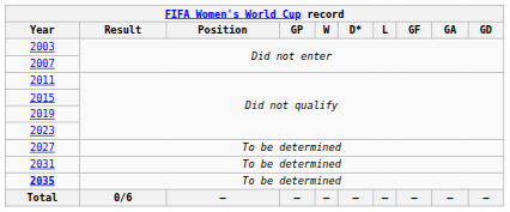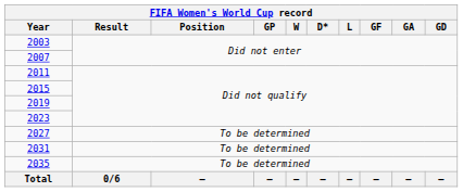 <table class="wikitable" style="text-align: center; width:50%;">
 <tr>
 <th colspan=12><a href='#'>FIFA Women's World Cup</a> record</th>
 </tr>
 <tr>
 <th>Year</th>
 <th>Result</th>
 <th>Position</th>
 <th>GP</th>
 <th>W</th>
 <th>D*</th>
 <th>L</th>
 <th>GF</th>
 <th>GA</th>
 <th>GD</th>
 </tr>
 <tr>
 <td> <a href='#'>2003</a></td>
 <td colspan=9 rowspan=2><em>Did not enter</em></td>
 </tr>
 <tr>
 <td> <a href='#'>2007</a></td>
 </tr>
 <tr>
 <td> <a href='#'>2011</a></td>
 <td colspan=9 rowspan=4><em>Did not qualify</em></td>
 </tr>
 <tr>
 <td> <a href='#'>2015</a></td>
 </tr>
 <tr>
 <td> <a href='#'>2019</a></td>
 </tr>
 <tr>
 <td> <a href='#'>2023</a></td>
 </tr>
 <tr>
 <td> <a href='#'>2027</a></td>
 <td colspan=9><em>To be determined</em></td>
 </tr>
 <tr>
 <td> <a href='#'>2031</a></td>
 <td colspan=9><em>To be determined</em></td>
 </tr>
 <tr>
-<td><strong> <a href='#'>2035</a></strong></td>
+<td> <a href='#'>2035</a></td>
 <td colspan=9><em>To be determined</em></td>
 </tr>
 <tr>
 <th>Total</th>
 <th>0/6</th>
 <th>–</th>
 <th>–</th>
 <th>–</th>
 <th>–</th>
 <th>–</th>
 <th>–</th>
 <th>–</th>
 <th>–</th>
 </tr>
 </table>
